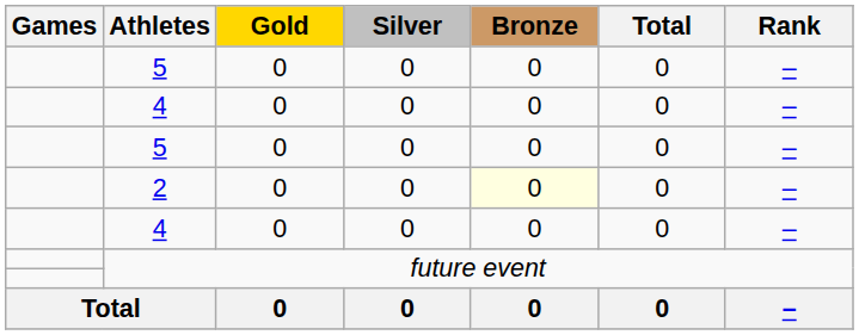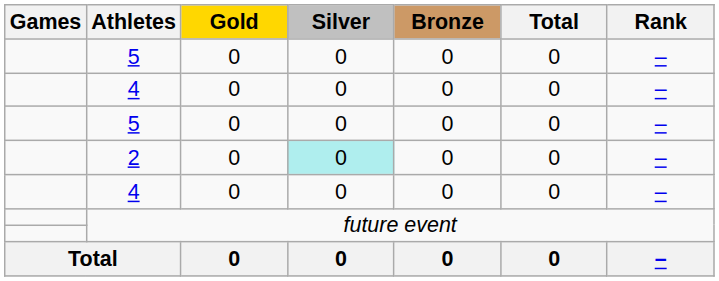 <table class="wikitable" style="text-align:center; font-size:90%;">
 <tr>
 <th>Games</th>
 <th>Athletes</th>
 <td style="background:gold; width:4.5em; font-weight:bold;">Gold</td>
 <td style="background:silver; width:4.5em; font-weight:bold;">Silver</td>
 <td style="background:#cc9966; width:4.5em; font-weight:bold;">Bronze</td>
 <th style="width:4.5em; font-weight:bold;">Total</th>
 <th style="width:4.5em; font-weight:bold;">Rank</th>
 </tr>
 <tr>
 <td align=left></td>
 <td><a href='#'>5</a></td>
 <td>0</td>
 <td>0</td>
 <td>0</td>
 <td>0</td>
 <td><a href='#'>–</a></td>
 </tr>
 <tr>
 <td align=left></td>
 <td><a href='#'>4</a></td>
 <td>0</td>
 <td>0</td>
 <td>0</td>
 <td>0</td>
 <td><a href='#'>–</a></td>
 </tr>
 <tr>
 <td align=left></td>
 <td><a href='#'>5</a></td>
 <td>0</td>
 <td>0</td>
 <td>0</td>
 <td>0</td>
 <td><a href='#'>–</a></td>
 </tr>
 <tr>
 <td align=left></td>
 <td><a href='#'>2</a></td>
 <td>0</td>
+<td style="background: paleturquoise;">0</td>
 <td>0</td>
-<td style="background: lightyellow;">0</td>
 <td>0</td>
 <td><a href='#'>–</a></td>
 </tr>
 <tr>
 <td align=left></td>
 <td><a href='#'>4</a></td>
 <td>0</td>
 <td>0</td>
 <td>0</td>
 <td>0</td>
 <td><a href='#'>–</a></td>
 </tr>
 <tr>
 <td align=left></td>
 <td colspan=6; rowspan=2><em>future event</em></td>
 </tr>
 <tr>
 <td align=left></td>
 </tr>
 <tr>
 <th colspan=2>Total</th>
 <th>0</th>
 <th>0</th>
 <th>0</th>
 <th>0</th>
 <th><a href='#'>–</a></th>
 </tr>
 </table>
